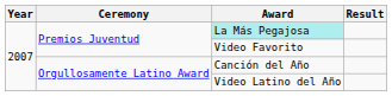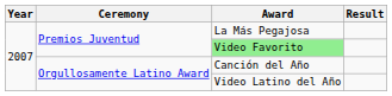 <table class="wikitable">
 <tr>
 <th>Year</th>
 <th>Ceremony</th>
 <th>Award</th>
 <th>Result</th>
 </tr>
 <tr>
 <td rowspan="4">2007</td>
 <td rowspan="2"><a href='#'>Premios Juventud</a></td>
-<td style="background: paleturquoise;">La Más Pegajosa</td>
+<td>La Más Pegajosa</td>
 <td></td>
 </tr>
 <tr>
-<td>Video Favorito</td>
+<td style="background: lightgreen;">Video Favorito</td>
 <td></td>
 </tr>
 <tr>
 <td rowspan="2"><a href='#'>Orgullosamente Latino Award</a></td>
 <td>Canción del Año</td>
 <td></td>
 </tr>
 <tr>
 <td>Video Latino del Año</td>
 <td></td>
 </tr>
 </table>
